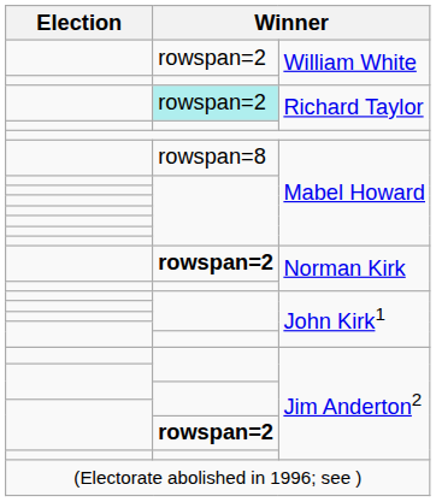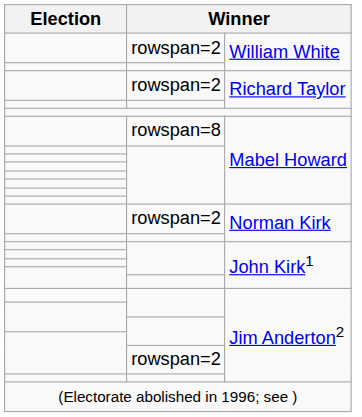 <table class=wikitable>
 <tr>
 <th width=100>Election</th>
 <th width=175 colspan=2>Winner</th>
 </tr>
 <tr>
 <td></td>
 <td>rowspan=2 </td>
 <td rowspan=2><a href='#'>William White</a></td>
 </tr>
 <tr>
 <td></td>
 </tr>
 <tr>
 <td></td>
-<td style="background: paleturquoise;">rowspan=2 </td>
+<td>rowspan=2 </td>
 <td rowspan=2><a href='#'>Richard Taylor</a></td>
 </tr>
 <tr>
 <td></td>
 </tr>
 <tr>
 <td colspan=3 align=center></td>
 </tr>
 <tr>
 <td></td>
 <td>rowspan=8 </td>
 <td rowspan=8><a href='#'>Mabel Howard</a></td>
 </tr>
 <tr>
 <td></td>
 </tr>
 <tr>
 <td></td>
 </tr>
 <tr>
 <td></td>
 </tr>
 <tr>
 <td></td>
 </tr>
 <tr>
 <td></td>
 </tr>
 <tr>
 <td></td>
 </tr>
 <tr>
 <td></td>
 </tr>
 <tr>
 <td></td>
-<td><strong>rowspan=2 </strong></td>
+<td>rowspan=2 </td>
 <td rowspan=2><a href='#'>Norman Kirk</a></td>
 </tr>
 <tr>
 <td></td>
 </tr>
 <tr>
 <td></td>
 <td rowspan=3 style="border-bottom:solid 0 grey; background:"></td>
 <td rowspan=5><a href='#'>John Kirk</a><sup>1</sup></td>
 </tr>
 <tr>
 <td></td>
 </tr>
 <tr>
 <td></td>
 </tr>
 <tr>
 <td rowspan=2></td>
 <td style="border-top:solid 0 grey; background:"></td>
 </tr>
 <tr>
 <td height=5 style="border-top:solid 0 grey; background:"></td>
 </tr>
 <tr>
 <td></td>
 <td height=5 style="border-bottom:solid 0 grey; background:"></td>
 <td rowspan=6><a href='#'>Jim Anderton</a><sup>2</sup></td>
 </tr>
 <tr>
 <td rowspan=2 height=18></td>
 <td height=5 style="border-top:solid 0 grey; background:"></td>
 </tr>
 <tr>
 <td height=5 style="border-bottom:solid 0 grey; background:"></td>
 </tr>
 <tr>
 <td rowspan=2 height=18></td>
 <td height=5 style="border-top:solid 0 grey; background:"></td>
 </tr>
 <tr>
-<td><strong>rowspan=2 </strong></td>
+<td>rowspan=2 </td>
 </tr>
 <tr>
 <td></td>
 </tr>
 <tr>
 <td colspan=3 align=center><small>(Electorate abolished in 1996; see )</small></td>
 </tr>
 </table>
